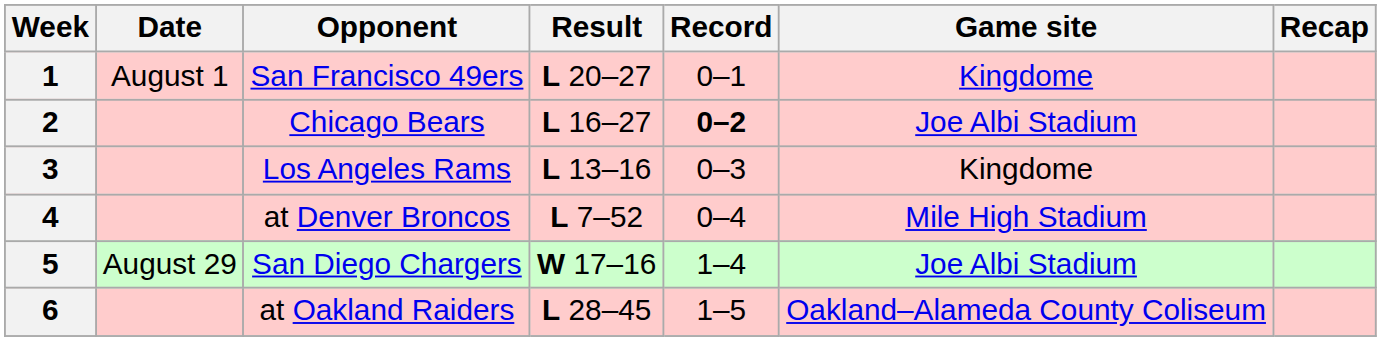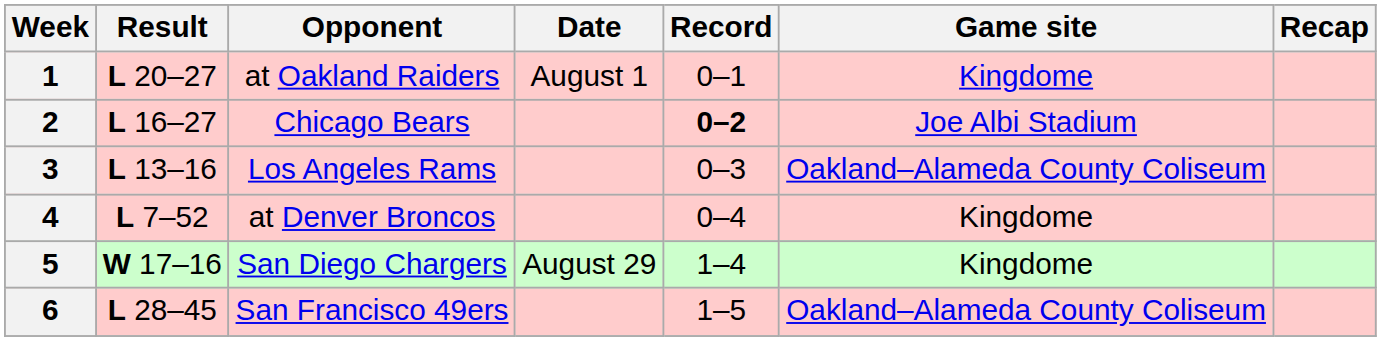 <table class="wikitable" style="text-align:center">
 <tr>
 <th>Week</th>
+<th>Result</th>
+<th>Opponent</th>
 <th>Date</th>
-<th>Opponent</th>
-<th>Result</th>
 <th>Record</th>
 <th>Game site</th>
 <th>Recap</th>
 </tr>
 <tr style="background:#fcc">
 <th>1</th>
+<td><strong>L</strong> 20–27</td>
+<td>at <a href='#'>Oakland Raiders</a></td>
 <td>August 1</td>
-<td><a href='#'>San Francisco 49ers</a></td>
-<td><strong>L</strong> 20–27</td>
 <td>0–1</td>
 <td><a href='#'>Kingdome</a></td>
 <td></td>
 </tr>
 <tr style="background:#fcc">
 <th>2</th>
+<td><strong>L</strong> 16–27</td>
+<td><a href='#'>Chicago Bears</a></td>
 <td></td>
-<td><a href='#'>Chicago Bears</a></td>
-<td><strong>L</strong> 16–27</td>
 <td><strong>0–2</strong></td>
 <td><a href='#'>Joe Albi Stadium</a> </td>
 <td></td>
 </tr>
 <tr style="background:#fcc">
 <th>3</th>
+<td><strong>L</strong> 13–16</td>
+<td><a href='#'>Los Angeles Rams</a></td>
 <td></td>
-<td><a href='#'>Los Angeles Rams</a></td>
-<td><strong>L</strong> 13–16</td>
 <td>0–3</td>
+<td><a href='#'>Oakland–Alameda County Coliseum</a></td>
+<td></td>
+</tr>
+<tr style="background:#fcc">
+<th>4</th>
+<td><strong>L</strong> 7–52</td>
+<td>at <a href='#'>Denver Broncos</a></td>
+<td></td>
+<td>0–4</td>
+<td>Kingdome</td>
+<td></td>
+</tr>
+<tr style="background:#cfc">
+<th>5</th>
+<td><strong>W</strong> 17–16</td>
+<td><a href='#'>San Diego Chargers</a></td>
+<td>August 29</td>
+<td>1–4</td>
 <td>Kingdome</td>
 <td></td>
 </tr>
 <tr style="background:#fcc">
-<th>4</th>
+<th>6</th>
+<td><strong>L</strong> 28–45</td>
+<td><a href='#'>San Francisco 49ers</a></td>
 <td></td>
-<td>at <a href='#'>Denver Broncos</a></td>
-<td><strong>L</strong> 7–52</td>
-<td>0–4</td>
-<td><a href='#'>Mile High Stadium</a></td>
-<td></td>
-</tr>
-<tr style="background:#cfc">
-<th>5</th>
-<td>August 29</td>
-<td><a href='#'>San Diego Chargers</a></td>
-<td><strong>W</strong> 17–16</td>
-<td>1–4</td>
-<td><a href='#'>Joe Albi Stadium</a> </td>
-<td></td>
-</tr>
-<tr style="background:#fcc">
-<th>6</th>
-<td></td>
-<td>at <a href='#'>Oakland Raiders</a></td>
-<td><strong>L</strong> 28–45</td>
 <td>1–5</td>
 <td><a href='#'>Oakland–Alameda County Coliseum</a></td>
 <td></td>
 </tr>
 </table>
